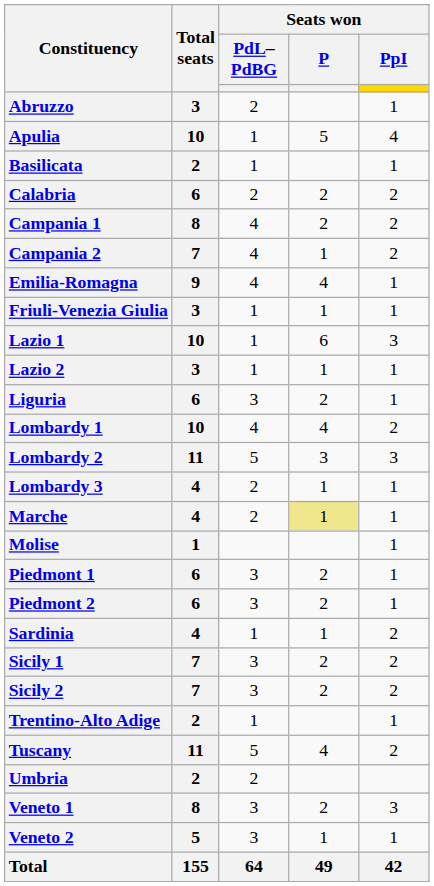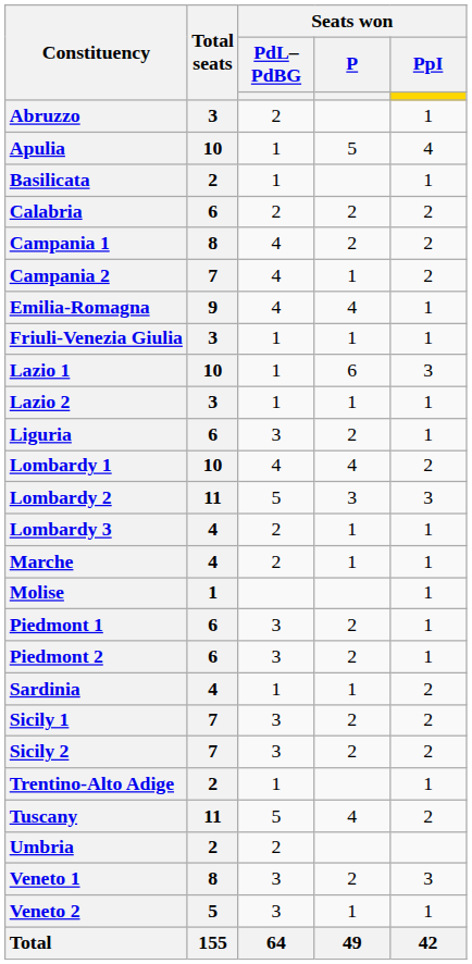 <table class="wikitable" style="text-align:center; font-size: 0.9em">
 <tr>
 <th rowspan="3">Constituency</th>
 <th rowspan="3">Total<br>seats</th>
 <th colspan="3">Seats won</th>
 </tr>
 <tr>
 <th class="unsortable" style="width:50px;"><a href='#'>PdL</a>–<a href='#'>PdBG</a></th>
 <th class="unsortable" style="width:50px;"><a href='#'>P</a></th>
 <th class="unsortable" style="width:50px;"><a href='#'>PpI</a></th>
 </tr>
 <tr>
 <th style="background:"></th>
 <th style="background:"></th>
 <th style="background:gold;"></th>
 </tr>
 <tr>
 <th style="text-align: left;"><a href='#'>Abruzzo</a></th>
 <th>3</th>
 <td>2</td>
 <td></td>
 <td>1</td>
 </tr>
 <tr>
 <th style="text-align: left;"><a href='#'>Apulia</a></th>
 <th>10</th>
 <td>1</td>
 <td>5</td>
 <td>4</td>
 </tr>
 <tr>
 <th style="text-align: left;"><a href='#'>Basilicata</a></th>
 <th>2</th>
 <td>1</td>
 <td></td>
 <td>1</td>
 </tr>
 <tr>
 <th style="text-align: left;"><a href='#'>Calabria</a></th>
 <th>6</th>
 <td>2</td>
 <td>2</td>
 <td>2</td>
 </tr>
 <tr>
 <th style="text-align: left;"><a href='#'>Campania 1</a></th>
 <th>8</th>
 <td>4</td>
 <td>2</td>
 <td>2</td>
 </tr>
 <tr>
 <th style="text-align: left;"><a href='#'>Campania 2</a></th>
 <th>7</th>
 <td>4</td>
 <td>1</td>
 <td>2</td>
 </tr>
 <tr>
 <th style="text-align: left;"><a href='#'>Emilia-Romagna</a></th>
 <th>9</th>
 <td>4</td>
 <td>4</td>
 <td>1</td>
 </tr>
 <tr>
 <th style="text-align: left;"><a href='#'>Friuli-Venezia Giulia</a></th>
 <th>3</th>
 <td>1</td>
 <td>1</td>
 <td>1</td>
 </tr>
 <tr>
 <th style="text-align: left;"><a href='#'>Lazio 1</a></th>
 <th>10</th>
 <td>1</td>
 <td>6</td>
 <td>3</td>
 </tr>
 <tr>
 <th style="text-align: left;"><a href='#'>Lazio 2</a></th>
 <th>3</th>
 <td>1</td>
 <td>1</td>
 <td>1</td>
 </tr>
 <tr>
 <th style="text-align: left;"><a href='#'>Liguria</a></th>
 <th>6</th>
 <td>3</td>
 <td>2</td>
 <td>1</td>
 </tr>
 <tr>
 <th style="text-align: left;"><a href='#'>Lombardy 1</a></th>
 <th>10</th>
 <td>4</td>
 <td>4</td>
 <td>2</td>
 </tr>
 <tr>
 <th style="text-align: left;"><a href='#'>Lombardy 2</a></th>
 <th>11</th>
 <td>5</td>
 <td>3</td>
 <td>3</td>
 </tr>
 <tr>
 <th style="text-align: left;"><a href='#'>Lombardy 3</a></th>
 <th>4</th>
 <td>2</td>
 <td>1</td>
 <td>1</td>
 </tr>
 <tr>
 <th style="text-align: left;"><a href='#'>Marche</a></th>
 <th>4</th>
 <td>2</td>
-<td style="background: khaki;">1</td>
+<td>1</td>
 <td>1</td>
 </tr>
 <tr>
 <th style="text-align: left;"><a href='#'>Molise</a></th>
 <th>1</th>
 <td></td>
 <td></td>
 <td>1</td>
 </tr>
 <tr>
 <th style="text-align: left;"><a href='#'>Piedmont 1</a></th>
 <th>6</th>
 <td>3</td>
 <td>2</td>
 <td>1</td>
 </tr>
 <tr>
 <th style="text-align: left;"><a href='#'>Piedmont 2</a></th>
 <th>6</th>
 <td>3</td>
 <td>2</td>
 <td>1</td>
 </tr>
 <tr>
 <th style="text-align: left;"><a href='#'>Sardinia</a></th>
 <th>4</th>
 <td>1</td>
 <td>1</td>
 <td>2</td>
 </tr>
 <tr>
 <th style="text-align: left;"><a href='#'>Sicily 1</a></th>
 <th>7</th>
 <td>3</td>
 <td>2</td>
 <td>2</td>
 </tr>
 <tr>
 <th style="text-align: left;"><a href='#'>Sicily 2</a></th>
 <th>7</th>
 <td>3</td>
 <td>2</td>
 <td>2</td>
 </tr>
 <tr>
 <th style="text-align: left;"><a href='#'>Trentino-Alto Adige</a></th>
 <th>2</th>
 <td>1</td>
 <td></td>
 <td>1</td>
 </tr>
 <tr>
 <th style="text-align: left;"><a href='#'>Tuscany</a></th>
 <th>11</th>
 <td>5</td>
 <td>4</td>
 <td>2</td>
 </tr>
 <tr>
 <th style="text-align: left;"><a href='#'>Umbria</a></th>
 <th>2</th>
 <td>2</td>
 <td></td>
 <td></td>
 </tr>
 <tr>
 <th style="text-align: left;"><a href='#'>Veneto 1</a></th>
 <th>8</th>
 <td>3</td>
 <td>2</td>
 <td>3</td>
 </tr>
 <tr>
 <th style="text-align: left;"><a href='#'>Veneto 2</a></th>
 <th>5</th>
 <td>3</td>
 <td>1</td>
 <td>1</td>
 </tr>
 <tr>
 <th style="text-align: left;">Total</th>
 <th>155</th>
 <th>64</th>
 <th>49</th>
 <th>42</th>
 </tr>
 </table>
